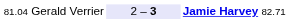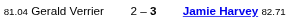 <table style="text-align:center">
 <tr>
 <th width=223></th>
 <th width=100></th>
 <th width=223></th>
 </tr>
 <tr>
 <td align=right><small>81.04</small> Gerald Verrier </td>
-<td style="background: lavender;">2 – <strong>3</strong></td>
+<td>2 – <strong>3</strong></td>
 <td align=left> <strong><a href='#'>Jamie Harvey</a></strong> <small>82.71</small></td>
 </tr>
 </table>
